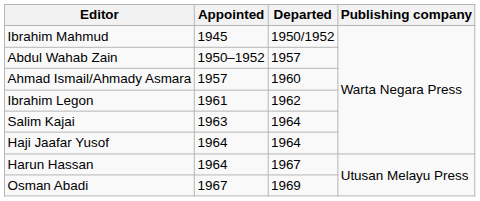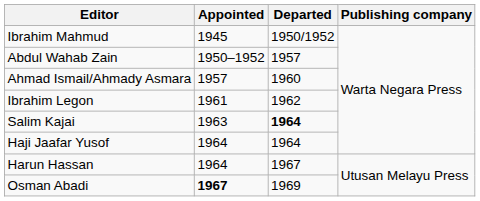 <table class="wikitable">
 <tr>
 <th>Editor</th>
 <th>Appointed</th>
 <th>Departed</th>
 <th>Publishing company</th>
 </tr>
 <tr>
 <td>Ibrahim Mahmud</td>
 <td>1945</td>
 <td>1950/1952</td>
 <td rowspan="6">Warta Negara Press</td>
 </tr>
 <tr>
 <td>Abdul Wahab Zain</td>
 <td>1950–1952</td>
 <td>1957</td>
 </tr>
 <tr>
 <td>Ahmad Ismail/Ahmady Asmara</td>
 <td>1957</td>
 <td>1960</td>
 </tr>
 <tr>
 <td>Ibrahim Legon</td>
 <td>1961</td>
 <td>1962</td>
 </tr>
 <tr>
 <td>Salim Kajai</td>
 <td>1963</td>
-<td>1964</td>
+<td><strong>1964</strong></td>
 </tr>
 <tr>
 <td>Haji Jaafar Yusof</td>
 <td>1964</td>
 <td>1964</td>
 </tr>
 <tr>
 <td>Harun Hassan</td>
 <td>1964</td>
 <td>1967</td>
 <td rowspan="2">Utusan Melayu Press</td>
 </tr>
 <tr>
 <td>Osman Abadi</td>
-<td>1967</td>
+<td><strong>1967</strong></td>
 <td>1969</td>
 </tr>
 </table>
